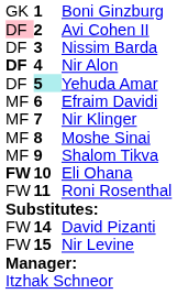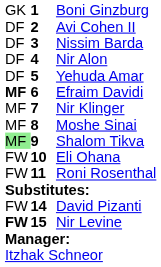 <table cellspacing="0" cellpadding="0" style="font-size:90%; margin:0.2em auto;">
 <tr>
 <th width="25"></th>
 <th width="25"></th>
 </tr>
 <tr>
 <td>GK</td>
 <td><strong>1</strong></td>
 <td><a href='#'>Boni Ginzburg</a></td>
 </tr>
 <tr>
-<td style="background: pink;">DF</td>
+<td>DF</td>
 <td><strong>2</strong></td>
 <td><a href='#'>Avi Cohen II</a></td>
 </tr>
 <tr>
 <td>DF</td>
 <td><strong>3</strong></td>
 <td><a href='#'>Nissim Barda</a></td>
 </tr>
 <tr>
-<td><strong>DF</strong></td>
+<td>DF</td>
 <td><strong>4</strong></td>
 <td><a href='#'>Nir Alon</a></td>
 </tr>
 <tr>
 <td>DF</td>
-<td style="background: paleturquoise;"><strong>5</strong></td>
+<td><strong>5</strong></td>
 <td><a href='#'>Yehuda Amar</a></td>
 </tr>
 <tr>
-<td>MF</td>
+<td><strong>MF</strong></td>
 <td><strong>6</strong></td>
 <td><a href='#'>Efraim Davidi</a></td>
 </tr>
 <tr>
 <td>MF</td>
 <td><strong>7</strong></td>
 <td><a href='#'>Nir Klinger</a></td>
 </tr>
 <tr>
 <td>MF</td>
 <td><strong>8</strong></td>
 <td><a href='#'>Moshe Sinai</a></td>
 </tr>
 <tr>
-<td>MF</td>
+<td style="background: lightgreen;">MF</td>
 <td><strong>9</strong></td>
 <td><a href='#'>Shalom Tikva</a></td>
 <td></td>
 <td></td>
 </tr>
 <tr>
-<td><strong>FW</strong></td>
+<td>FW</td>
 <td><strong>10</strong></td>
 <td><a href='#'>Eli Ohana</a></td>
 <td></td>
 <td></td>
 </tr>
 <tr>
 <td>FW</td>
 <td><strong>11</strong></td>
 <td><a href='#'>Roni Rosenthal</a></td>
 </tr>
 <tr>
 <td colspan=3><strong>Substitutes:</strong></td>
 </tr>
 <tr>
 <td>FW</td>
 <td><strong>14</strong></td>
 <td><a href='#'>David Pizanti</a></td>
 <td></td>
 <td></td>
 </tr>
 <tr>
-<td>FW</td>
+<td><strong>FW</strong></td>
 <td><strong>15</strong></td>
 <td><a href='#'>Nir Levine</a></td>
 <td></td>
 <td></td>
 </tr>
 <tr>
 <td colspan=3><strong>Manager:</strong></td>
 </tr>
 <tr>
 <td colspan=4> <a href='#'>Itzhak Schneor</a></td>
 </tr>
 </table>
